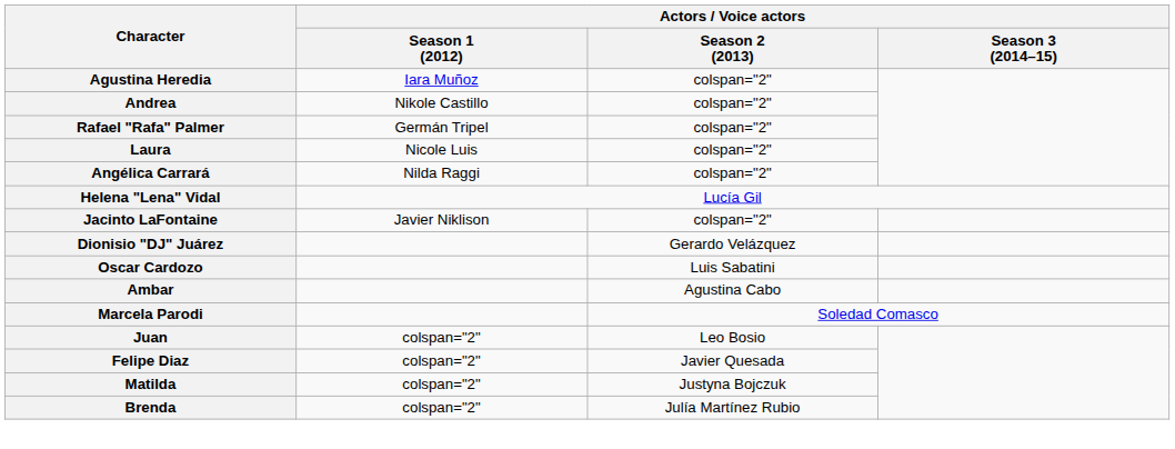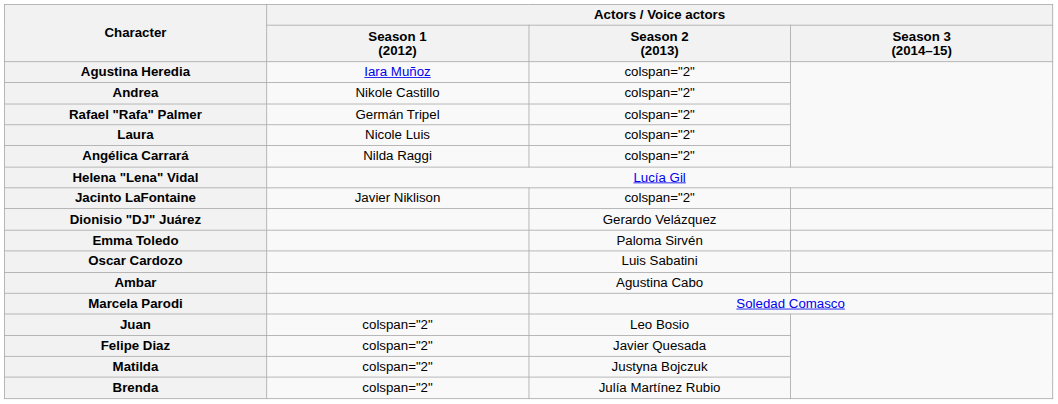 <table class="wikitable" style="text-align: center; width: 100%">
 <tr>
 <th scope="col" rowspan="2" style="width: 16.5%">Character</th>
 <th scope="col" colspan="3" style="text-align: center">Actors / Voice actors</th>
 </tr>
 <tr>
 <th scope="col" style="text-align: center; width: 16.5%">Season 1<br>(2012)</th>
 <th scope="col" style="text-align: center; width: 16.5%">Season 2<br>(2013)</th>
 <th scope="col" style="text-align: center; width: 16.5%">Season 3<br>(2014–15)</th>
 </tr>
 <tr>
 <th scope="row">Agustina Heredia</th>
 <td><a href='#'>Iara Muñoz</a> </td>
 <td>colspan="2" </td>
 </tr>
 <tr>
 <th scope="row">Andrea</th>
 <td>Nikole Castillo </td>
 <td>colspan="2" </td>
 </tr>
 <tr>
 <th scope="row">Rafael "Rafa" Palmer</th>
 <td>Germán Tripel </td>
 <td>colspan="2" </td>
 </tr>
 <tr>
 <th scope="row">Laura</th>
 <td>Nicole Luis </td>
 <td>colspan="2" </td>
 </tr>
 <tr>
 <th scope="row">Angélica Carrará</th>
 <td>Nilda Raggi</td>
 <td>colspan="2" </td>
 </tr>
 <tr>
 <th scope="row">Helena "Lena" Vidal</th>
 <td colspan="3"><a href='#'>Lucía Gil</a></td>
 </tr>
 <tr>
 <th scope="row">Jacinto LaFontaine</th>
 <td>Javier Niklison </td>
 <td>colspan="2" </td>
 </tr>
 <tr>
 <th scope="row">Dionisio "DJ" Juárez</th>
 <td></td>
 <td>Gerardo Velázquez </td>
 <td></td>
 </tr>
 <tr>
+<th scope="row">Emma Toledo</th>
+<td></td>
+<td>Paloma Sirvén </td>
+<td></td>
+</tr>
+<tr>
 <th scope="row">Oscar Cardozo</th>
 <td></td>
 <td>Luis Sabatini</td>
 <td></td>
 </tr>
 <tr>
 <th scope="row">Ambar</th>
 <td></td>
 <td>Agustina Cabo</td>
 <td></td>
 </tr>
 <tr>
 <th scope="row">Marcela Parodi</th>
 <td></td>
 <td colspan="2"><a href='#'>Soledad Comasco</a></td>
 </tr>
 <tr>
 <th scope="row">Juan</th>
 <td>colspan="2" </td>
 <td>Leo Bosio</td>
 </tr>
 <tr>
 <th scope="row">Felipe Diaz</th>
 <td>colspan="2" </td>
 <td>Javier Quesada</td>
 </tr>
 <tr>
 <th scope="row">Matilda</th>
 <td>colspan="2" </td>
 <td>Justyna Bojczuk</td>
 </tr>
 <tr>
 <th scope="row">Brenda</th>
 <td>colspan="2" </td>
 <td>Julía Martínez Rubio</td>
 </tr>
 </table>
